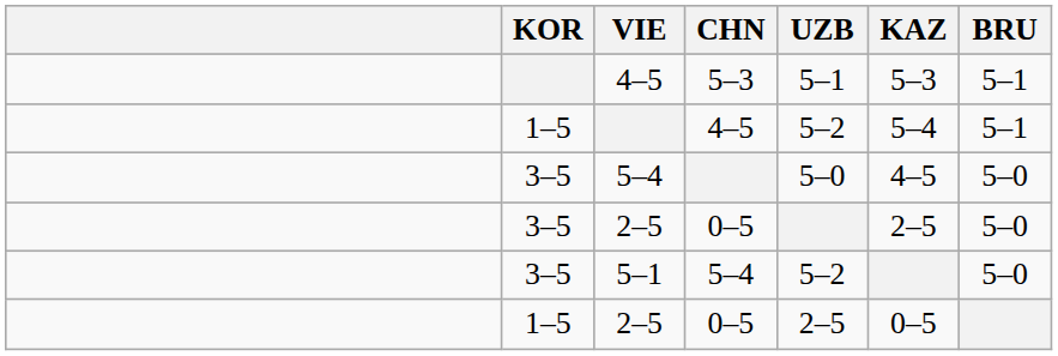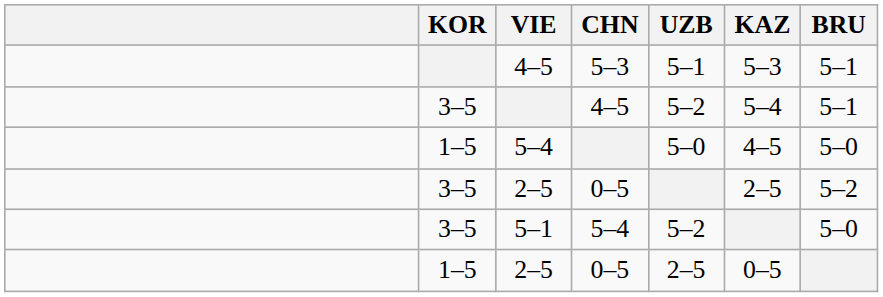 <table class="wikitable" style="text-align:center">
 <tr>
 <th width="250"> </th>
 <th width="40">KOR</th>
 <th width="40">VIE</th>
 <th width="40">CHN</th>
 <th width="40">UZB</th>
 <th width="40">KAZ</th>
 <th width="40">BRU</th>
 </tr>
 <tr>
 <td align=left></td>
 <th></th>
 <td>4–5</td>
 <td>5–3</td>
 <td>5–1</td>
 <td>5–3</td>
 <td>5–1</td>
 </tr>
 <tr>
 <td align=left></td>
-<td>1–5</td>
+<td>3–5</td>
 <th></th>
 <td>4–5</td>
 <td>5–2</td>
 <td>5–4</td>
 <td>5–1</td>
 </tr>
 <tr>
 <td align=left></td>
-<td>3–5</td>
+<td>1–5</td>
 <td>5–4</td>
 <th></th>
 <td>5–0</td>
 <td>4–5</td>
 <td>5–0</td>
 </tr>
 <tr>
 <td align=left></td>
 <td>3–5</td>
 <td>2–5</td>
 <td>0–5</td>
 <th></th>
 <td>2–5</td>
-<td>5–0</td>
+<td>5–2</td>
 </tr>
 <tr>
 <td align=left></td>
 <td>3–5</td>
 <td>5–1</td>
 <td>5–4</td>
 <td>5–2</td>
 <th></th>
 <td>5–0</td>
 </tr>
 <tr>
 <td align=left></td>
 <td>1–5</td>
 <td>2–5</td>
 <td>0–5</td>
 <td>2–5</td>
 <td>0–5</td>
 <th></th>
 </tr>
 </table>
